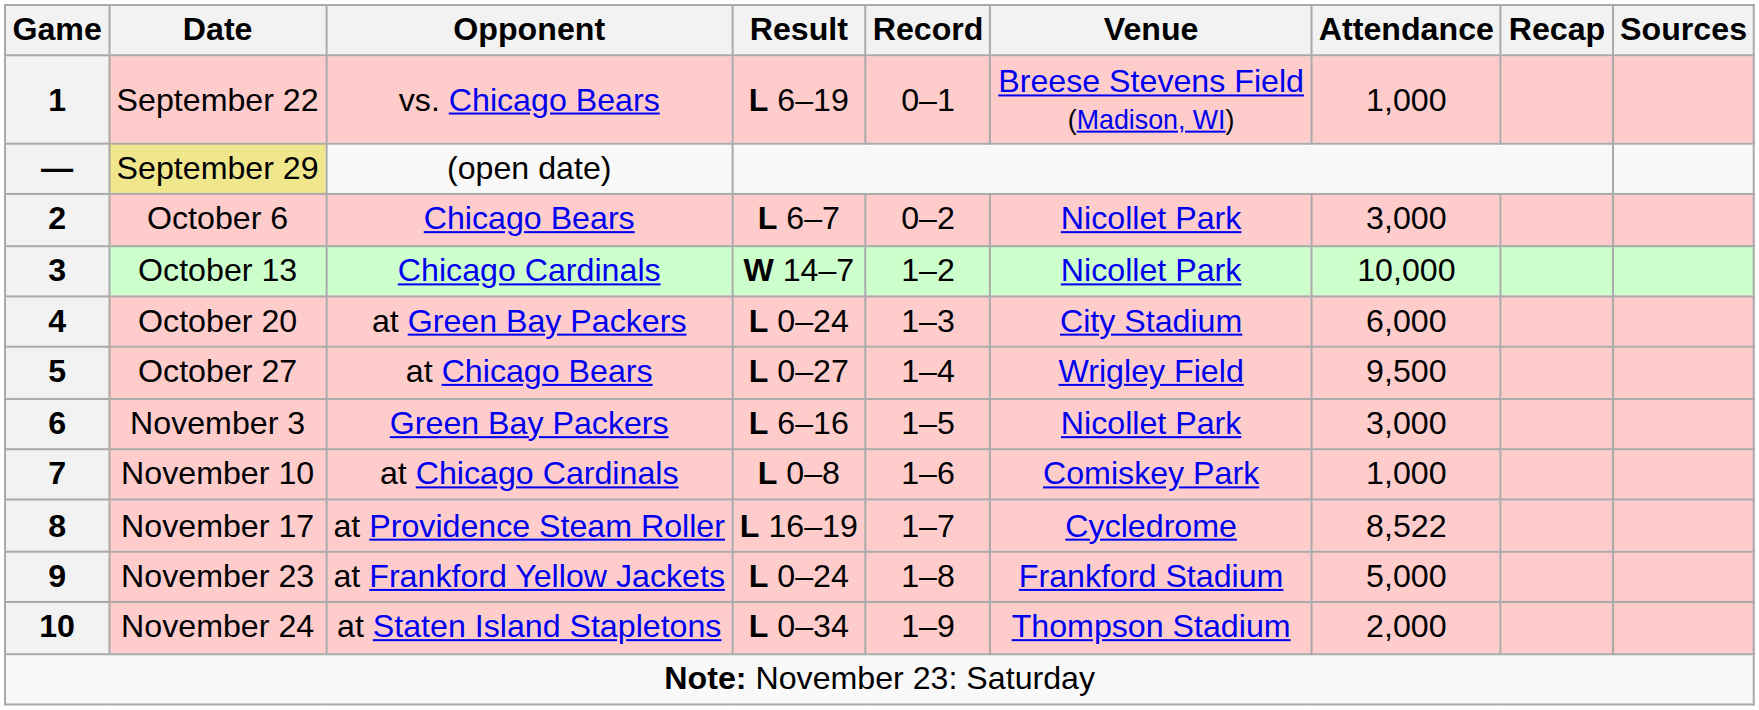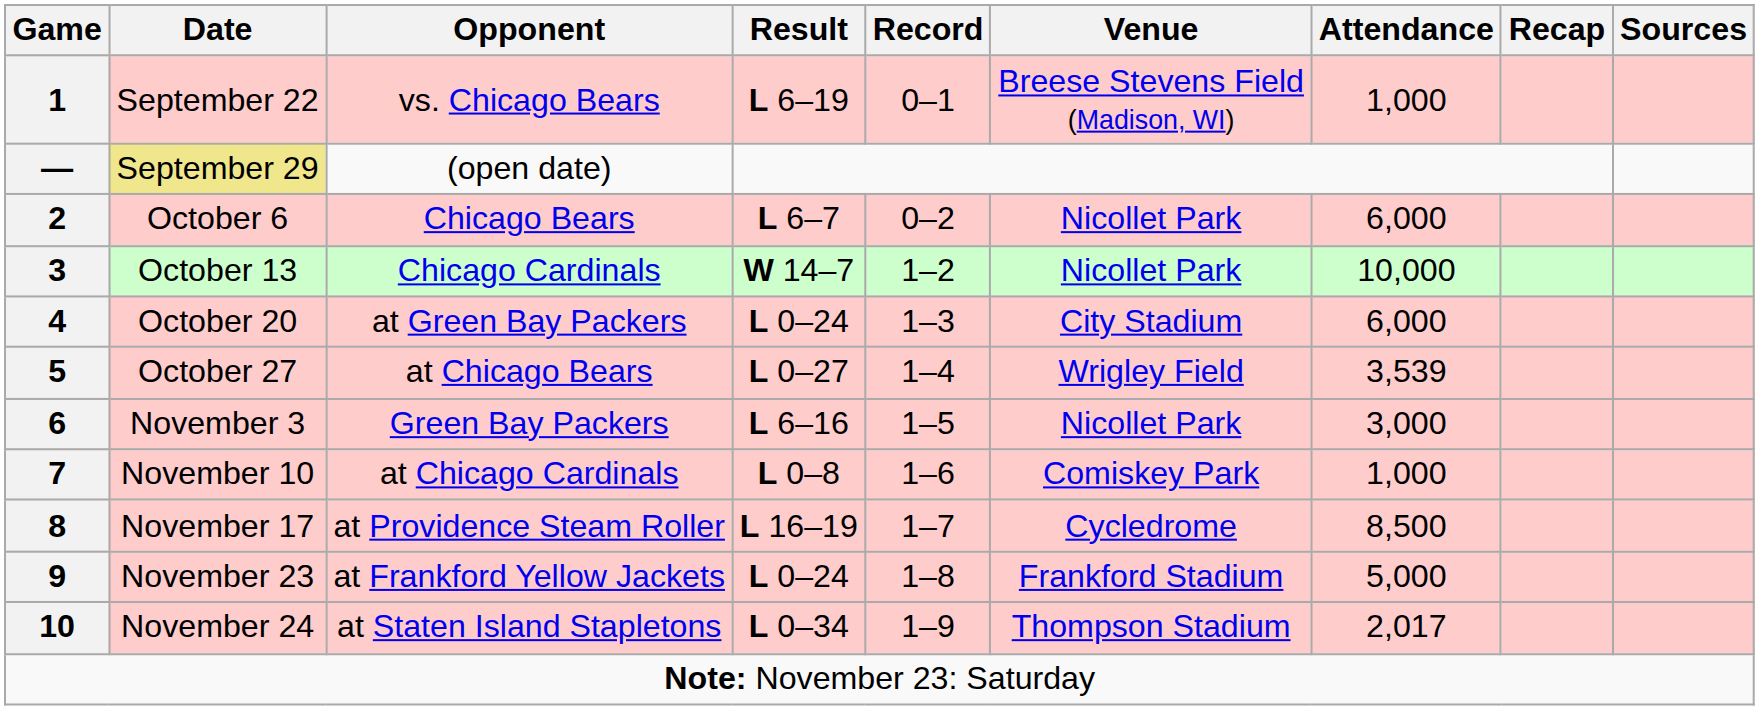 <table class="wikitable" style="text-align:center">
 <tr>
 <th>Game</th>
 <th>Date</th>
 <th>Opponent</th>
 <th>Result</th>
 <th>Record</th>
 <th>Venue</th>
 <th>Attendance</th>
 <th>Recap</th>
 <th>Sources</th>
 </tr>
 <tr style="background:#fcc">
 <th>1</th>
 <td>September 22</td>
 <td>vs. <a href='#'>Chicago Bears</a></td>
 <td><strong>L</strong> 6–19</td>
 <td>0–1</td>
 <td><a href='#'>Breese Stevens Field</a> <br><small>(<a href='#'>Madison, WI</a>)</small></td>
 <td>1,000</td>
 <td></td>
 <td></td>
 </tr>
 <tr>
 <th>—</th>
 <td style="background: khaki;">September 29</td>
 <td>(open date)</td>
 <td colspan="5"></td>
 <td></td>
 </tr>
 <tr style="background:#fcc">
 <th>2</th>
 <td>October 6</td>
 <td><a href='#'>Chicago Bears</a></td>
 <td><strong>L</strong> 6–7</td>
 <td>0–2</td>
 <td><a href='#'>Nicollet Park</a></td>
-<td>3,000</td>
+<td>6,000</td>
 <td></td>
 <td></td>
 </tr>
 <tr style="background:#cfc">
 <th>3</th>
 <td>October 13</td>
 <td><a href='#'>Chicago Cardinals</a></td>
 <td><strong>W</strong> 14–7</td>
 <td>1–2</td>
 <td><a href='#'>Nicollet Park</a></td>
 <td>10,000</td>
 <td></td>
 <td></td>
 </tr>
 <tr style="background:#fcc">
 <th>4</th>
 <td>October 20</td>
 <td>at <a href='#'>Green Bay Packers</a></td>
 <td><strong>L</strong> 0–24</td>
 <td>1–3</td>
 <td><a href='#'>City Stadium</a></td>
 <td>6,000</td>
 <td></td>
 <td></td>
 </tr>
 <tr style="background:#fcc">
 <th>5</th>
 <td>October 27</td>
 <td>at <a href='#'>Chicago Bears</a></td>
 <td><strong>L</strong> 0–27</td>
 <td>1–4</td>
 <td><a href='#'>Wrigley Field</a></td>
-<td>9,500</td>
+<td>3,539</td>
 <td></td>
 <td></td>
 </tr>
 <tr style="background:#fcc">
 <th>6</th>
 <td>November 3</td>
 <td><a href='#'>Green Bay Packers</a></td>
 <td><strong>L</strong> 6–16</td>
 <td>1–5</td>
 <td><a href='#'>Nicollet Park</a></td>
 <td>3,000</td>
 <td></td>
 <td></td>
 </tr>
 <tr style="background:#fcc">
 <th>7</th>
 <td>November 10</td>
 <td>at <a href='#'>Chicago Cardinals</a></td>
 <td><strong>L</strong> 0–8</td>
 <td>1–6</td>
 <td><a href='#'>Comiskey Park</a></td>
 <td>1,000</td>
 <td></td>
 <td></td>
 </tr>
 <tr style="background:#fcc">
 <th>8</th>
 <td>November 17</td>
 <td>at <a href='#'>Providence Steam Roller</a></td>
 <td><strong>L</strong> 16–19</td>
 <td>1–7</td>
 <td><a href='#'>Cycledrome</a></td>
-<td>8,522</td>
+<td>8,500</td>
 <td></td>
 <td></td>
 </tr>
 <tr style="background:#fcc">
 <th>9</th>
 <td>November 23</td>
 <td>at <a href='#'>Frankford Yellow Jackets</a></td>
 <td><strong>L</strong> 0–24</td>
 <td>1–8</td>
 <td><a href='#'>Frankford Stadium</a></td>
 <td>5,000</td>
 <td></td>
 <td></td>
 </tr>
 <tr style="background:#fcc">
 <th>10</th>
 <td>November 24</td>
 <td>at <a href='#'>Staten Island Stapletons</a></td>
 <td><strong>L</strong> 0–34</td>
 <td>1–9</td>
 <td><a href='#'>Thompson Stadium</a></td>
-<td>2,000</td>
+<td>2,017</td>
 <td></td>
 <td></td>
 </tr>
 <tr>
 <td colspan="10"><strong>Note:</strong> November 23: Saturday</td>
 </tr>
 </table>
